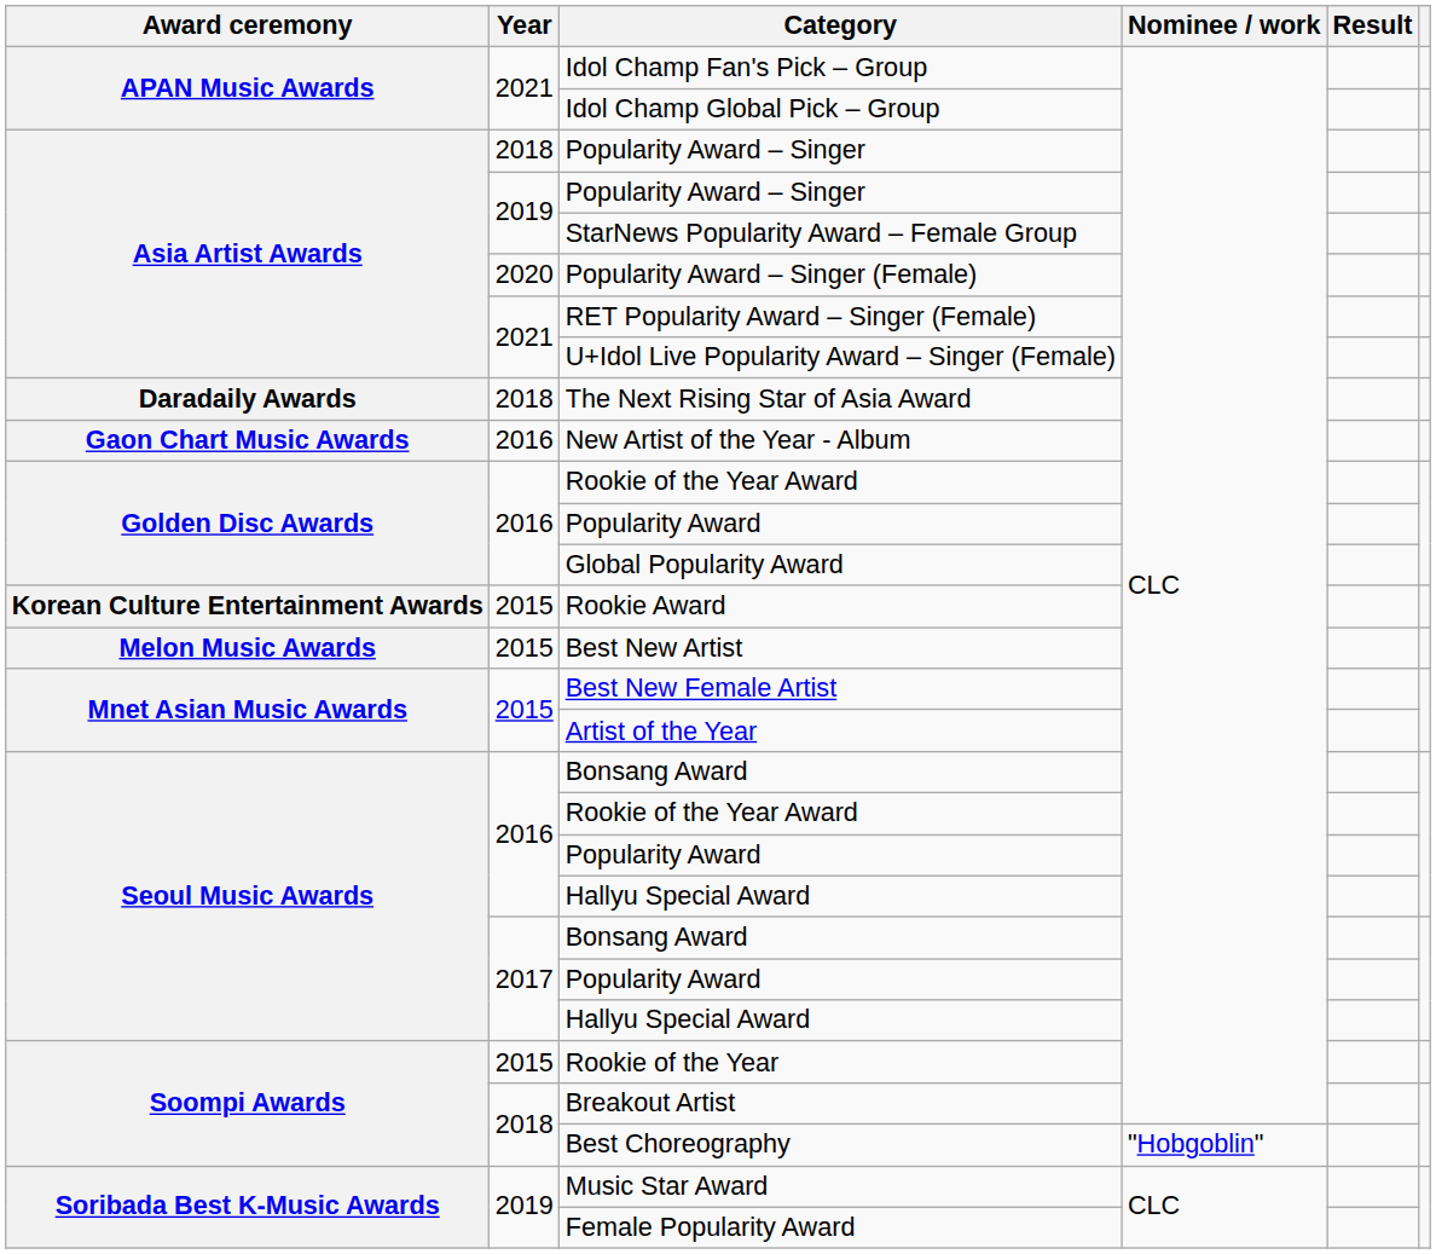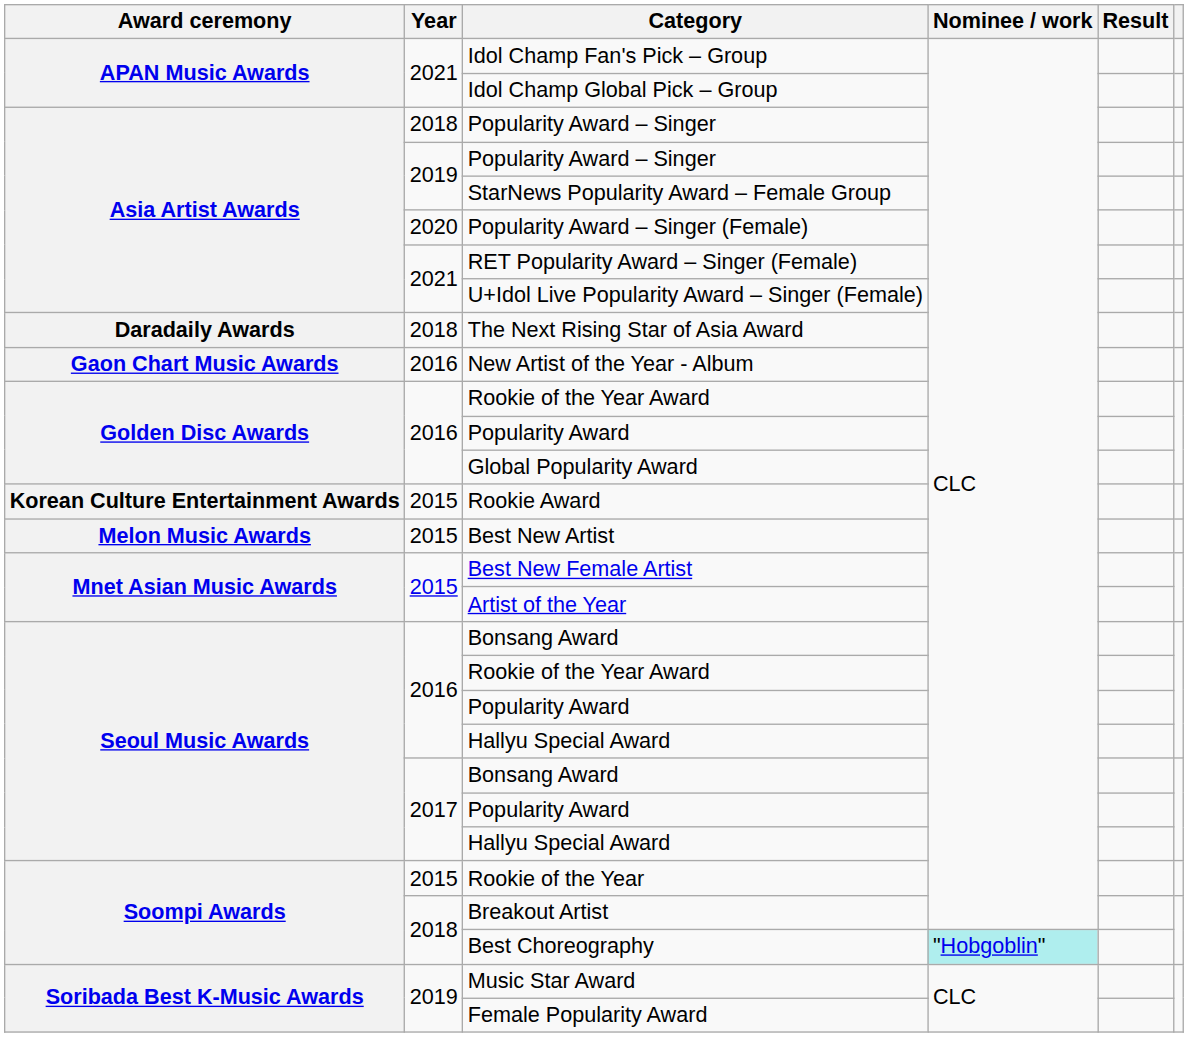 <table class="wikitable plainrowheaders sortable">
 <tr>
 <th scope="col">Award ceremony</th>
 <th scope="col">Year</th>
 <th scope="col">Category</th>
 <th scope="col">Nominee / work</th>
 <th scope="col">Result</th>
 <th scope="col" class="unsortable"></th>
 </tr>
 <tr>
 <th scope="row" rowspan="2"><a href='#'>APAN Music Awards</a> </th>
 <td rowspan="2" style="text-align:center">2021</td>
 <td>Idol Champ Fan's Pick – Group</td>
 <td rowspan="26">CLC</td>
 <td></td>
 <td style="text-align:center"></td>
 </tr>
 <tr>
 <td>Idol Champ Global Pick – Group</td>
 <td></td>
 <td style="text-align:center"></td>
 </tr>
 <tr>
 <th scope="row" rowspan="6"><a href='#'>Asia Artist Awards</a></th>
 <td style="text-align:center">2018</td>
 <td>Popularity Award – Singer</td>
 <td></td>
 <td style="text-align:center"></td>
 </tr>
 <tr>
 <td rowspan="2" style="text-align:center">2019</td>
 <td>Popularity Award – Singer</td>
 <td></td>
 <td style="text-align:center"></td>
 </tr>
 <tr>
 <td>StarNews Popularity Award – Female Group</td>
 <td></td>
 <td style="text-align:center"></td>
 </tr>
 <tr>
 <td style="text-align:center">2020</td>
 <td>Popularity Award – Singer (Female)</td>
 <td></td>
 <td style="text-align:center"></td>
 </tr>
 <tr>
 <td rowspan="2" style="text-align:center">2021</td>
 <td>RET Popularity Award – Singer (Female)</td>
 <td></td>
 <td style="text-align:center"></td>
 </tr>
 <tr>
 <td>U+Idol Live Popularity Award – Singer (Female)</td>
 <td></td>
 <td style="text-align:center"></td>
 </tr>
 <tr>
 <th scope="row">Daradaily Awards </th>
 <td style="text-align:center">2018</td>
 <td>The Next Rising Star of Asia Award</td>
 <td></td>
 <td style="text-align:center"></td>
 </tr>
 <tr>
 <th scope="row"><a href='#'>Gaon Chart Music Awards</a> </th>
 <td style="text-align:center">2016</td>
 <td>New Artist of the Year - Album</td>
 <td></td>
 <td style="text-align:center"></td>
 </tr>
 <tr>
 <th scope="row" rowspan="3"><a href='#'>Golden Disc Awards</a></th>
 <td rowspan="3" style="text-align:center">2016</td>
 <td>Rookie of the Year Award</td>
 <td></td>
 <td rowspan="3" style="text-align:center"></td>
 </tr>
 <tr>
 <td>Popularity Award</td>
 <td></td>
 </tr>
 <tr>
 <td>Global Popularity Award</td>
 <td></td>
 </tr>
 <tr>
 <th scope="row">Korean Culture Entertainment Awards </th>
 <td style="text-align:center">2015</td>
 <td>Rookie Award</td>
 <td></td>
 <td style="text-align:center"></td>
 </tr>
 <tr>
 <th scope="row"><a href='#'>Melon Music Awards</a> </th>
 <td style="text-align:center">2015</td>
 <td>Best New Artist</td>
 <td></td>
 <td style="text-align:center"></td>
 </tr>
 <tr>
 <th scope="row" rowspan="2"><a href='#'>Mnet Asian Music Awards</a></th>
 <td rowspan="2" style="text-align:center"><a href='#'>2015</a></td>
 <td><a href='#'>Best New Female Artist</a></td>
 <td></td>
 <td rowspan="2" style="text-align:center"></td>
 </tr>
 <tr>
 <td><a href='#'>Artist of the Year</a></td>
 <td></td>
 </tr>
 <tr>
 <th scope="row" rowspan="7"><a href='#'>Seoul Music Awards</a> </th>
 <td rowspan="4" style="text-align:center">2016</td>
 <td>Bonsang Award</td>
 <td></td>
 <td rowspan="4" style="text-align:center"></td>
 </tr>
 <tr>
 <td>Rookie of the Year Award</td>
 <td></td>
 </tr>
 <tr>
 <td>Popularity Award</td>
 <td></td>
 </tr>
 <tr>
 <td>Hallyu Special Award</td>
 <td></td>
 </tr>
 <tr>
 <td rowspan="3" style="text-align:center">2017</td>
 <td>Bonsang Award</td>
 <td></td>
 <td rowspan="3" style="text-align:center"></td>
 </tr>
 <tr>
 <td>Popularity Award</td>
 <td></td>
 </tr>
 <tr>
 <td>Hallyu Special Award</td>
 <td></td>
 </tr>
 <tr>
 <th scope="row" rowspan="3"><a href='#'>Soompi Awards</a></th>
 <td style="text-align:center">2015</td>
 <td>Rookie of the Year</td>
 <td></td>
 <td style="text-align:center"></td>
 </tr>
 <tr>
 <td rowspan="2" style="text-align:center">2018</td>
 <td>Breakout Artist</td>
 <td></td>
 <td rowspan="2" style="text-align:center"></td>
 </tr>
 <tr>
 <td>Best Choreography</td>
-<td>"<a href='#'>Hobgoblin</a>"</td>
+<td style="background: paleturquoise;">"<a href='#'>Hobgoblin</a>"</td>
 <td></td>
 </tr>
 <tr>
 <th scope="row" rowspan="2"><a href='#'>Soribada Best K-Music Awards</a></th>
 <td rowspan="2" style="text-align:center">2019</td>
 <td>Music Star Award</td>
 <td rowspan="2">CLC</td>
 <td></td>
 <td rowspan="2" style="text-align:center"></td>
 </tr>
 <tr>
 <td>Female Popularity Award</td>
 <td></td>
 </tr>
 </table>
